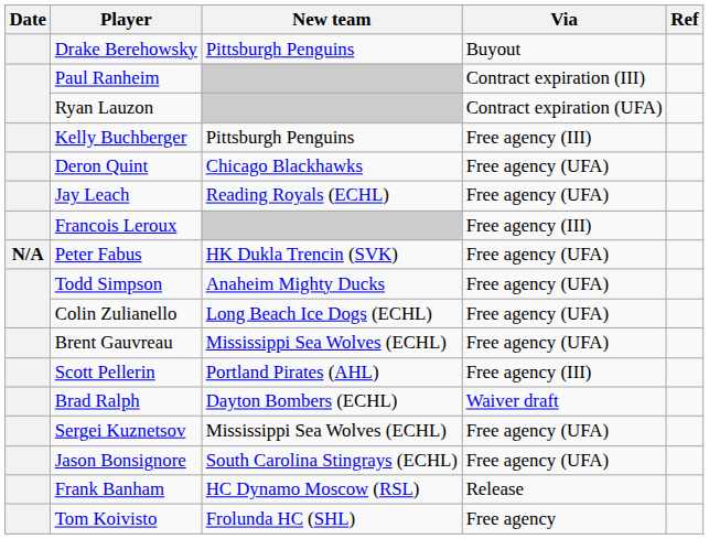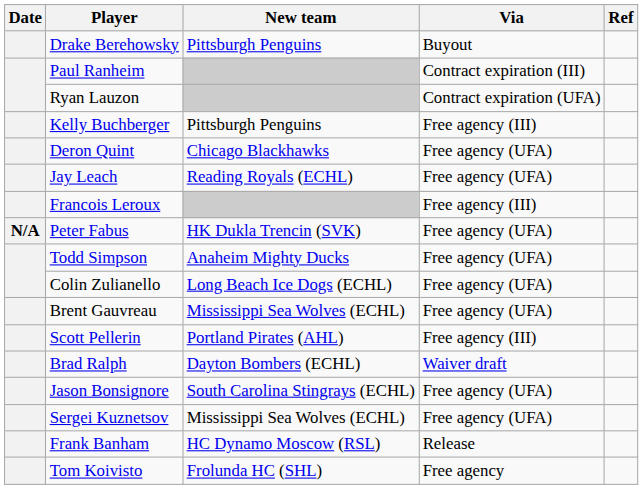 <table class="wikitable plainrowheaders">
 <tr style="background:#ddd; text-align:center;">
 <th>Date</th>
 <th>Player</th>
 <th>New team</th>
 <th>Via</th>
 <th>Ref</th>
 </tr>
 <tr>
 <th scope="row"></th>
 <td><a href='#'>Drake Berehowsky</a></td>
 <td><a href='#'>Pittsburgh Penguins</a></td>
 <td>Buyout</td>
 <td></td>
 </tr>
 <tr>
 <th scope="row" rowspan=2></th>
 <td><a href='#'>Paul Ranheim</a></td>
 <td style="background:#ccc"></td>
 <td>Contract expiration (III)</td>
 <td></td>
 </tr>
 <tr>
 <td>Ryan Lauzon</td>
 <td style="background:#ccc"></td>
 <td>Contract expiration (UFA)</td>
 <td></td>
 </tr>
 <tr>
 <th scope="row"></th>
 <td><a href='#'>Kelly Buchberger</a></td>
 <td>Pittsburgh Penguins</td>
 <td>Free agency (III)</td>
 <td></td>
 </tr>
 <tr>
 <th scope="row"></th>
 <td><a href='#'>Deron Quint</a></td>
 <td><a href='#'>Chicago Blackhawks</a></td>
 <td>Free agency (UFA)</td>
 <td></td>
 </tr>
 <tr>
 <th scope="row"></th>
 <td><a href='#'>Jay Leach</a></td>
 <td><a href='#'>Reading Royals</a> (<a href='#'>ECHL</a>)</td>
 <td>Free agency (UFA)</td>
 <td></td>
 </tr>
 <tr>
 <th scope="row"></th>
 <td><a href='#'>Francois Leroux</a></td>
 <td style="background:#ccc"></td>
 <td>Free agency (III)</td>
 <td></td>
 </tr>
 <tr>
 <th scope="row">N/A</th>
 <td><a href='#'>Peter Fabus</a></td>
 <td><a href='#'>HK Dukla Trencin</a> (<a href='#'>SVK</a>)</td>
 <td>Free agency (UFA)</td>
 <td></td>
 </tr>
 <tr>
 <th scope="row" rowspan=2></th>
 <td><a href='#'>Todd Simpson</a></td>
 <td><a href='#'>Anaheim Mighty Ducks</a></td>
 <td>Free agency (UFA)</td>
 <td></td>
 </tr>
 <tr>
 <td>Colin Zulianello</td>
 <td><a href='#'>Long Beach Ice Dogs</a> (ECHL)</td>
 <td>Free agency (UFA)</td>
 <td></td>
 </tr>
 <tr>
 <th scope="row"></th>
 <td>Brent Gauvreau</td>
 <td><a href='#'>Mississippi Sea Wolves</a> (ECHL)</td>
 <td>Free agency (UFA)</td>
 <td></td>
 </tr>
 <tr>
 <th scope="row"></th>
 <td><a href='#'>Scott Pellerin</a></td>
 <td><a href='#'>Portland Pirates</a> (<a href='#'>AHL</a>)</td>
 <td>Free agency (III)</td>
 <td></td>
 </tr>
 <tr>
 <th scope="row"></th>
 <td><a href='#'>Brad Ralph</a></td>
 <td><a href='#'>Dayton Bombers</a> (ECHL)</td>
 <td><a href='#'>Waiver draft</a></td>
 <td></td>
 </tr>
 <tr>
 <th scope="row"></th>
-<td><a href='#'>Sergei Kuznetsov</a></td>
-<td>Mississippi Sea Wolves (ECHL)</td>
+<td><a href='#'>Jason Bonsignore</a></td>
+<td><a href='#'>South Carolina Stingrays</a> (ECHL)</td>
 <td>Free agency (UFA)</td>
 <td></td>
 </tr>
 <tr>
 <th scope="row"></th>
-<td><a href='#'>Jason Bonsignore</a></td>
-<td><a href='#'>South Carolina Stingrays</a> (ECHL)</td>
+<td><a href='#'>Sergei Kuznetsov</a></td>
+<td>Mississippi Sea Wolves (ECHL)</td>
 <td>Free agency (UFA)</td>
 <td></td>
 </tr>
 <tr>
 <th scope="row"></th>
 <td><a href='#'>Frank Banham</a></td>
 <td><a href='#'>HC Dynamo Moscow</a> (<a href='#'>RSL</a>)</td>
 <td>Release</td>
 <td></td>
 </tr>
 <tr>
 <th scope="row"></th>
 <td><a href='#'>Tom Koivisto</a></td>
 <td><a href='#'>Frolunda HC</a> (<a href='#'>SHL</a>)</td>
 <td>Free agency</td>
 <td></td>
 </tr>
 </table>
